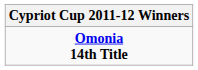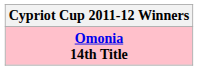 <table class="wikitable" style="text-align: center; margin: 0 auto;">
 <tr>
 <th>Cypriot Cup 2011-12 Winners</th>
 </tr>
 <tr>
-<td><strong><a href='#'>Omonia</a></strong><br><strong>14th Title</strong></td>
+<td style="background: pink;"><strong><a href='#'>Omonia</a></strong><br><strong>14th Title</strong></td>
 </tr>
 </table>
